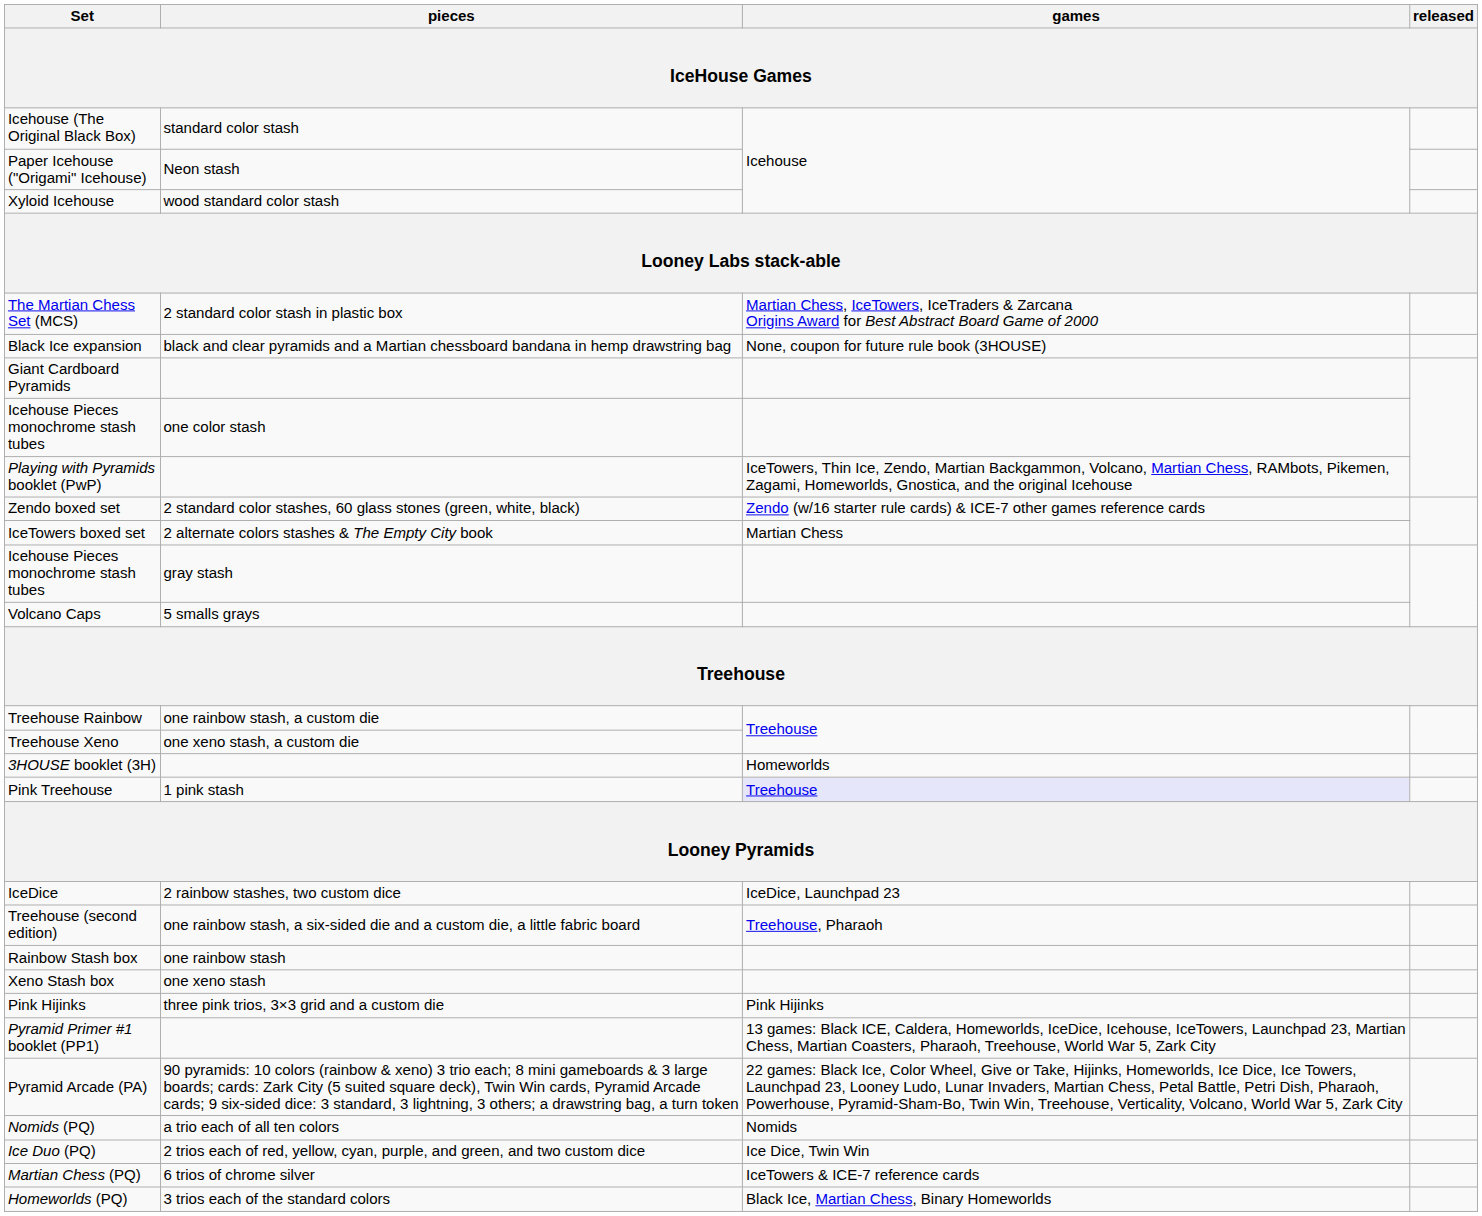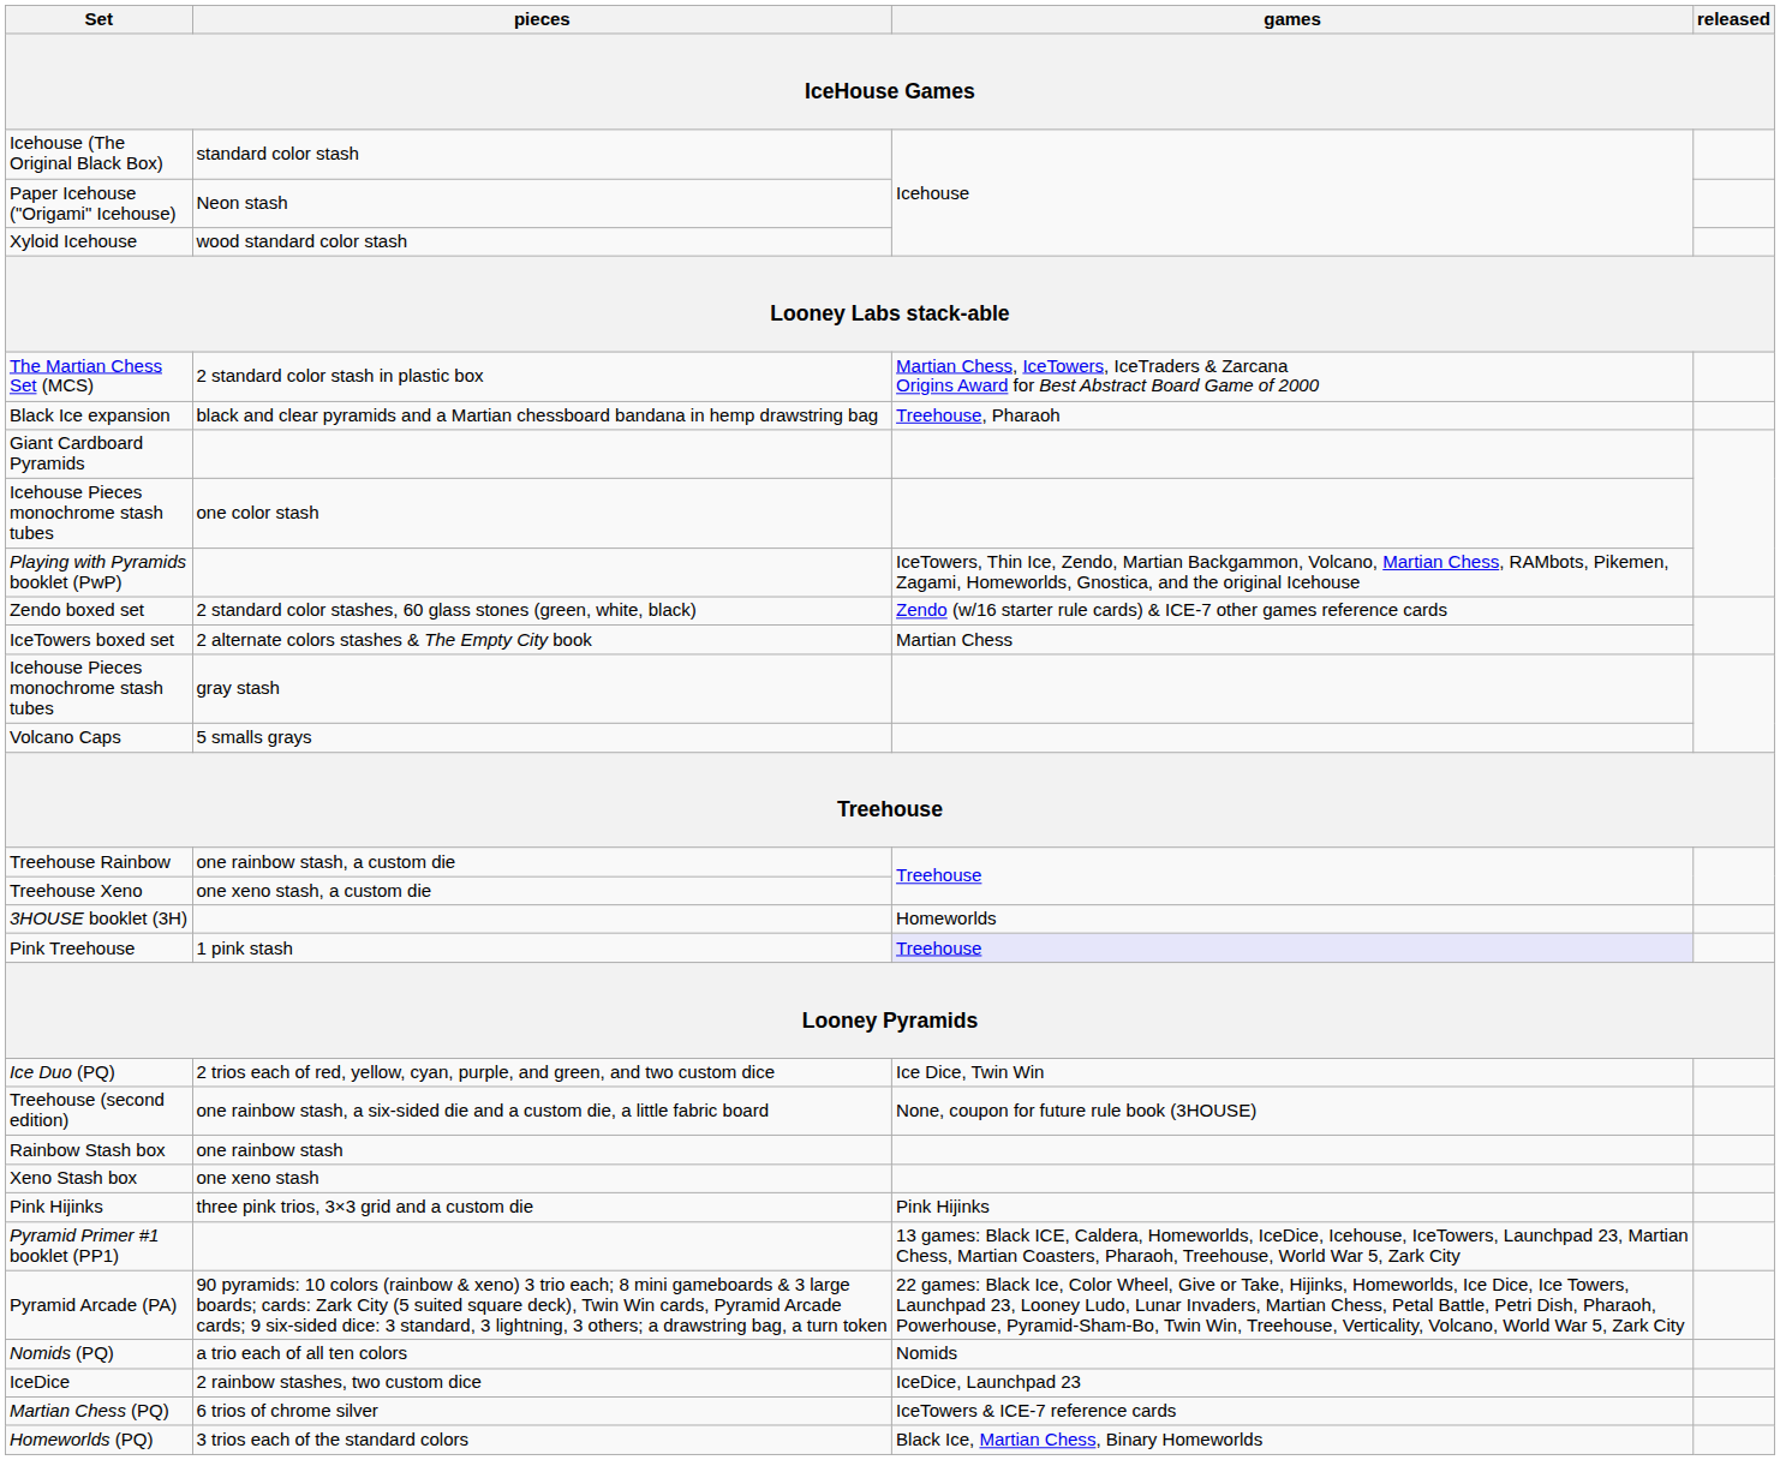 <table class="wikitable sortable">
 <tr>
 <th>Set</th>
 <th>pieces</th>
 <th>games</th>
 <th>released</th>
 </tr>
 <tr>
 <th colspan=4><br><h3>IceHouse Games</h3></th>
 </tr>
 <tr>
 <td>Icehouse (The Original Black Box)</td>
 <td rowspan=2>standard color stash</td>
 <td rowspan=4>Icehouse</td>
 <td></td>
 </tr>
 <tr>
 <td rowspan=2>Paper Icehouse ("Origami" Icehouse)</td>
 <td rowspan=2></td>
 </tr>
 <tr>
 <td>Neon stash</td>
 </tr>
 <tr>
 <td>Xyloid Icehouse</td>
 <td>wood standard color stash</td>
 <td></td>
 </tr>
 <tr>
 <th colspan=4><br><h3>Looney Labs stack-able</h3></th>
 </tr>
 <tr>
 <td><a href='#'>The Martian Chess Set</a> (MCS)</td>
 <td>2 standard color stash in plastic box</td>
 <td><a href='#'>Martian Chess</a>, <a href='#'>IceTowers</a>, IceTraders & Zarcana<br><a href='#'>Origins Award</a> for <em>Best Abstract Board Game of 2000</em></td>
 <td></td>
 </tr>
 <tr>
 <td>Black Ice expansion</td>
 <td>black and clear pyramids and a Martian chessboard bandana in hemp drawstring bag</td>
-<td>None, coupon for future rule book (3HOUSE)</td>
+<td><a href='#'>Treehouse</a>, Pharaoh</td>
 <td></td>
 </tr>
 <tr>
 <td>Giant Cardboard Pyramids</td>
 <td></td>
 <td></td>
 <td rowspan=3></td>
 </tr>
 <tr>
 <td>Icehouse Pieces monochrome stash tubes</td>
 <td>one color stash</td>
 <td></td>
 </tr>
 <tr>
 <td><em>Playing with Pyramids</em> booklet (PwP)</td>
 <td></td>
 <td>IceTowers, Thin Ice, Zendo, Martian Backgammon, Volcano, <a href='#'>Martian Chess</a>, RAMbots, Pikemen, Zagami, Homeworlds, Gnostica, and the original Icehouse</td>
 </tr>
 <tr>
 <td>Zendo boxed set</td>
 <td>2 standard color stashes, 60 glass stones (green, white, black)</td>
 <td><a href='#'>Zendo</a> (w/16 starter rule cards) & ICE-7 other games reference cards</td>
 <td rowspan=2></td>
 </tr>
 <tr>
 <td>IceTowers boxed set</td>
 <td>2 alternate colors stashes & <em>The Empty City</em> book</td>
 <td>Martian Chess</td>
 </tr>
 <tr>
 <td>Icehouse Pieces monochrome stash tubes</td>
 <td>gray stash</td>
 <td></td>
 <td rowspan=2></td>
 </tr>
 <tr>
 <td>Volcano Caps</td>
 <td>5 smalls grays</td>
 <td></td>
 </tr>
 <tr>
 <th colspan=4><br><h3>Treehouse</h3></th>
 </tr>
 <tr>
 <td>Treehouse Rainbow</td>
 <td>one rainbow stash, a custom die</td>
 <td rowspan=2><a href='#'>Treehouse</a></td>
 <td rowspan=2></td>
 </tr>
 <tr>
 <td>Treehouse Xeno</td>
 <td>one xeno stash, a custom die</td>
 </tr>
 <tr>
 <td><em>3HOUSE</em> booklet (3H)</td>
 <td></td>
 <td>Homeworlds</td>
 <td></td>
 </tr>
 <tr>
 <td>Pink Treehouse</td>
 <td>1 pink stash</td>
 <td style="background: lavender;"><a href='#'>Treehouse</a></td>
 <td></td>
 </tr>
 <tr>
 <th colspan=4><br><h3>Looney Pyramids</h3></th>
 </tr>
 <tr>
-<td>IceDice</td>
-<td>2 rainbow stashes, two custom dice </td>
-<td>IceDice, Launchpad 23</td>
+<td><em>Ice Duo</em> (PQ)</td>
+<td>2 trios each of red, yellow, cyan, purple, and green, and two custom dice</td>
+<td>Ice Dice, Twin Win</td>
 <td></td>
 </tr>
 <tr>
 <td>Treehouse (second edition)</td>
 <td>one rainbow stash, a six-sided die and a custom die, a little fabric board</td>
-<td><a href='#'>Treehouse</a>, Pharaoh</td>
+<td>None, coupon for future rule book (3HOUSE)</td>
 <td></td>
 </tr>
 <tr>
 <td>Rainbow Stash box</td>
 <td>one rainbow stash</td>
 <td></td>
 <td></td>
 </tr>
 <tr>
 <td>Xeno Stash box</td>
 <td>one xeno stash</td>
 <td></td>
 <td></td>
 </tr>
 <tr>
 <td>Pink Hijinks</td>
 <td>three pink trios, 3×3 grid and a custom die</td>
 <td>Pink Hijinks</td>
 <td></td>
 </tr>
 <tr>
 <td><em>Pyramid Primer #1</em> booklet (PP1)</td>
 <td></td>
 <td>13 games:  Black ICE, Caldera, Homeworlds, IceDice, Icehouse, IceTowers, Launchpad 23, Martian Chess, Martian Coasters, Pharaoh, Treehouse, World War 5, Zark City</td>
 <td></td>
 </tr>
 <tr>
 <td>Pyramid Arcade (PA)</td>
 <td>90 pyramids: 10 colors (rainbow & xeno) 3 trio each; 8 mini gameboards & 3 large boards; cards: Zark City (5 suited square deck), Twin Win cards, Pyramid Arcade cards; 9 six-sided dice: 3 standard, 3 lightning, 3 others; a drawstring bag, a turn token</td>
 <td>22 games: Black Ice, Color Wheel, Give or Take, Hijinks, Homeworlds, Ice Dice, Ice Towers, Launchpad 23, Looney Ludo, Lunar Invaders, Martian Chess, Petal Battle, Petri Dish, Pharaoh, Powerhouse, Pyramid-Sham-Bo, Twin Win, Treehouse, Verticality, Volcano, World War 5, Zark City</td>
 <td></td>
 </tr>
 <tr>
 <td><em>Nomids</em> (PQ)</td>
 <td>a trio each of all ten colors</td>
 <td>Nomids</td>
 <td></td>
 </tr>
 <tr>
-<td><em>Ice Duo</em> (PQ)</td>
-<td>2 trios each of red, yellow, cyan, purple, and green, and two custom dice</td>
-<td>Ice Dice, Twin Win</td>
+<td>IceDice</td>
+<td>2 rainbow stashes, two custom dice </td>
+<td>IceDice, Launchpad 23</td>
 <td></td>
 </tr>
 <tr>
 <td><em>Martian Chess</em> (PQ)</td>
 <td>6 trios of chrome silver</td>
 <td>IceTowers & ICE-7 reference cards</td>
 <td></td>
 </tr>
 <tr>
 <td><em>Homeworlds</em> (PQ)</td>
 <td>3 trios each of the standard colors</td>
 <td>Black Ice, <a href='#'>Martian Chess</a>, Binary Homeworlds</td>
 </tr>
 </table>
